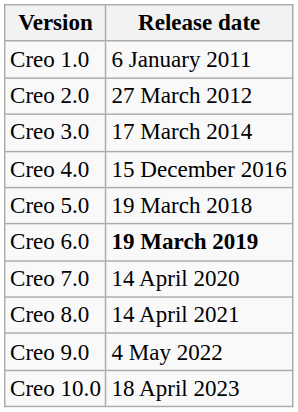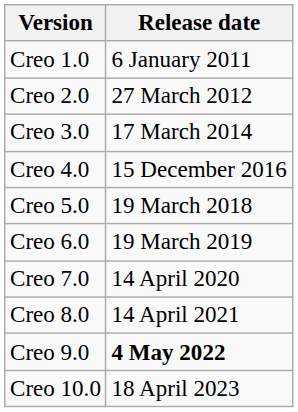 <table class="wikitable">
 <tr>
 <th>Version</th>
 <th>Release date</th>
 </tr>
 <tr>
 <td>Creo 1.0</td>
 <td>6 January 2011</td>
 </tr>
 <tr>
 <td>Creo 2.0</td>
 <td>27 March 2012</td>
 </tr>
 <tr>
 <td>Creo 3.0</td>
 <td>17 March 2014</td>
 </tr>
 <tr>
 <td>Creo 4.0</td>
 <td>15 December 2016</td>
 </tr>
 <tr>
 <td>Creo 5.0</td>
 <td>19 March 2018</td>
 </tr>
 <tr>
 <td>Creo 6.0</td>
-<td><strong>19 March 2019</strong></td>
+<td>19 March 2019</td>
 </tr>
 <tr>
 <td>Creo 7.0</td>
 <td>14 April 2020</td>
 </tr>
 <tr>
 <td>Creo 8.0</td>
 <td>14 April 2021</td>
 </tr>
 <tr>
 <td>Creo 9.0</td>
-<td>4 May 2022</td>
+<td><strong>4 May 2022</strong></td>
 </tr>
 <tr>
 <td>Creo 10.0</td>
 <td>18 April 2023</td>
 </tr>
 </table>
